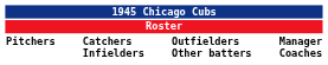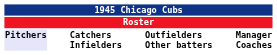 <table class="toccolours" style="font-size: 95%;">
 <tr>
 <th colspan="10" style="background-color: #0e3386; color: white; text-align: center;">1945 Chicago Cubs</th>
 </tr>
 <tr>
 <td colspan="10" style="background-color: #EE1422; color: white; text-align: center;"><strong>Roster</strong></td>
 </tr>
 <tr>
-<td valign="top"><strong>Pitchers</strong><br>              </td>
+<td valign="top" style="background: lavender;"><strong>Pitchers</strong><br>              </td>
 <td width="25px"></td>
 <td valign="top"><strong>Catchers</strong><br>    <strong>Infielders</strong>          </td>
 <td width="25px"></td>
 <td valign="top"><strong>Outfielders</strong><br>      <strong>Other batters</strong> </td>
 <td width="25px"></td>
 <td valign="top"><strong>Manager</strong><br> <strong>Coaches</strong>   </td>
 </tr>
 <tr>
 </tr>
 </table>
